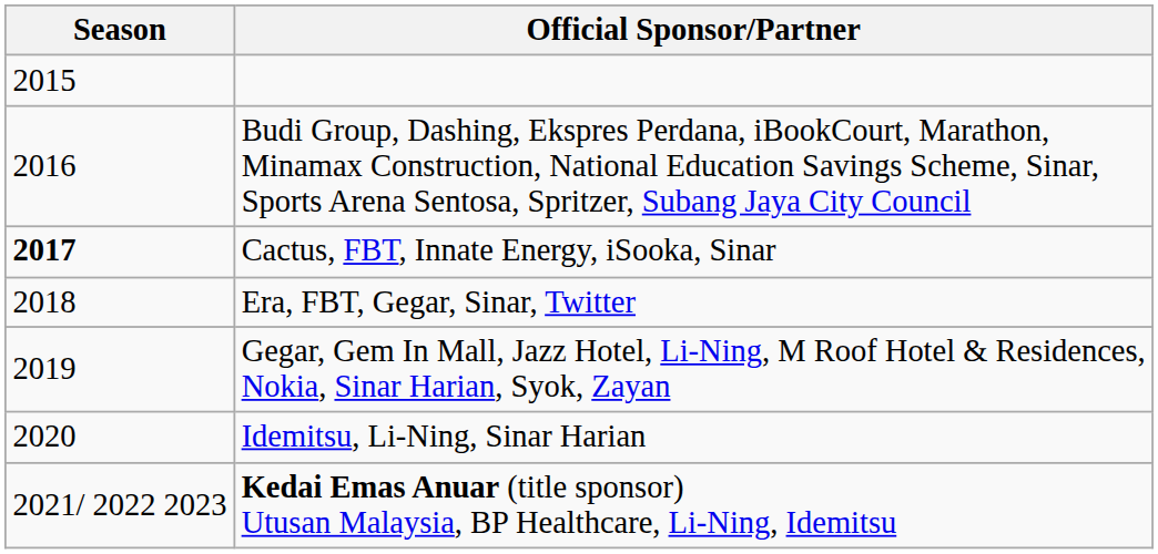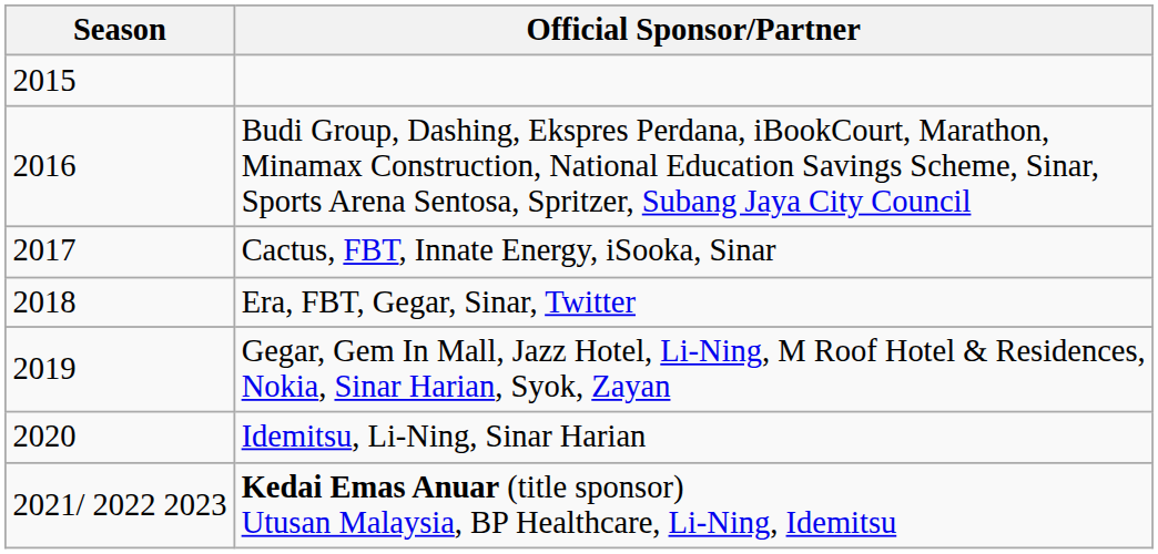 <table class="wikitable">
 <tr>
 <th>Season</th>
 <th>Official Sponsor/Partner</th>
 </tr>
 <tr>
 <td>2015</td>
 <td></td>
 </tr>
 <tr>
 <td>2016</td>
 <td>Budi Group, Dashing, Ekspres Perdana, iBookCourt, Marathon,<br>Minamax Construction, National Education Savings Scheme, Sinar,<br>Sports Arena Sentosa, Spritzer, <a href='#'>Subang Jaya City Council</a></td>
 </tr>
 <tr>
-<td><strong>2017</strong></td>
+<td>2017</td>
 <td>Cactus, <a href='#'>FBT</a>, Innate Energy, iSooka, Sinar</td>
 </tr>
 <tr>
 <td>2018</td>
 <td>Era, FBT, Gegar, Sinar, <a href='#'>Twitter</a></td>
 </tr>
 <tr>
 <td>2019</td>
 <td>Gegar, Gem In Mall, Jazz Hotel, <a href='#'>Li-Ning</a>, M Roof Hotel & Residences,<br><a href='#'>Nokia</a>, <a href='#'>Sinar Harian</a>, Syok, <a href='#'>Zayan</a></td>
 </tr>
 <tr>
 <td>2020</td>
 <td><a href='#'>Idemitsu</a>, Li-Ning, Sinar Harian</td>
 </tr>
 <tr>
 <td>2021/ 2022 2023</td>
 <td><strong>Kedai Emas Anuar</strong> (title sponsor)<br><a href='#'>Utusan Malaysia</a>, BP Healthcare, <a href='#'>Li-Ning</a>, <a href='#'>Idemitsu</a></td>
 </tr>
 </table>
